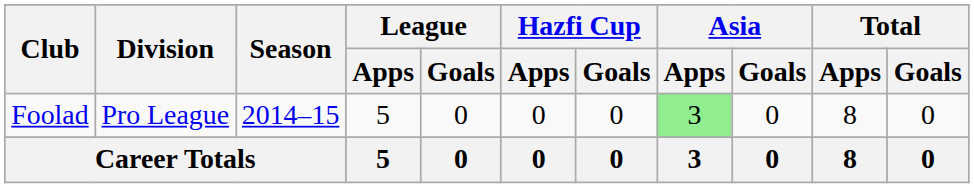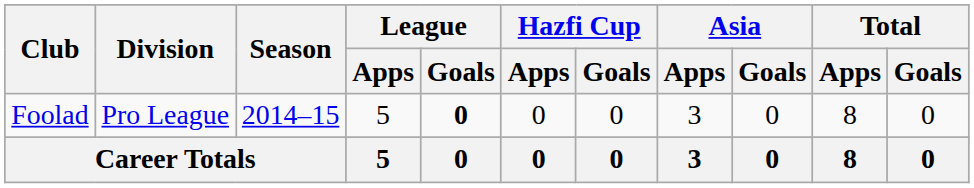 <table class="wikitable" style="text-align: center;">
 <tr>
 <th rowspan="2">Club</th>
 <th rowspan="2">Division</th>
 <th rowspan="2">Season</th>
 <th colspan="2">League</th>
 <th colspan="2"><a href='#'>Hazfi Cup</a></th>
 <th colspan="2"><a href='#'>Asia</a></th>
 <th colspan="2">Total</th>
 </tr>
 <tr>
 <th>Apps</th>
 <th>Goals</th>
 <th>Apps</th>
 <th>Goals</th>
 <th>Apps</th>
 <th>Goals</th>
 <th>Apps</th>
 <th>Goals</th>
 </tr>
 <tr>
 <td><a href='#'>Foolad</a></td>
 <td><a href='#'>Pro League</a></td>
 <td><a href='#'>2014–15</a></td>
 <td>5</td>
+<td><strong>0</strong></td>
 <td>0</td>
 <td>0</td>
-<td>0</td>
-<td style="background: lightgreen;">3</td>
+<td>3</td>
 <td>0</td>
 <td>8</td>
 <td>0</td>
 </tr>
 <tr>
 <th colspan=3>Career Totals</th>
 <th>5</th>
 <th>0</th>
 <th>0</th>
 <th>0</th>
 <th>3</th>
 <th>0</th>
 <th>8</th>
 <th>0</th>
 </tr>
 </table>
